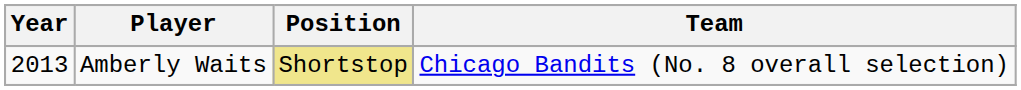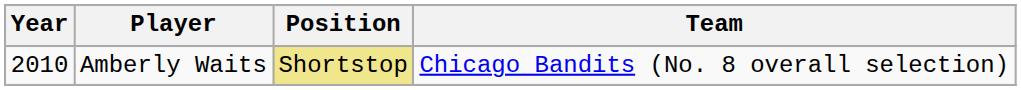 <table class="wikitable" style="font-size:90%">
 <tr>
 <th colspan="1">Year</th>
 <th colspan="1">Player</th>
 <th colspan="1">Position</th>
 <th colspan="1">Team</th>
 </tr>
 <tr>
-<td>2013</td>
+<td>2010</td>
 <td>Amberly Waits</td>
 <td style="background: khaki;">Shortstop</td>
 <td><a href='#'>Chicago Bandits</a> (No. 8 overall selection)</td>
 </tr>
 </table>
